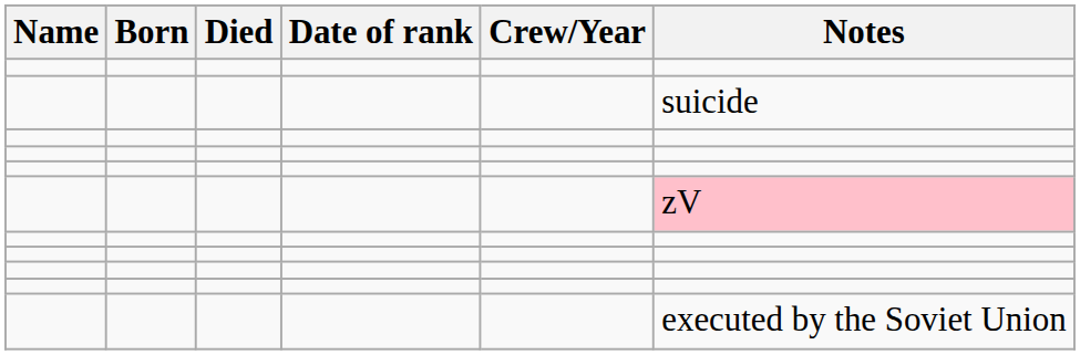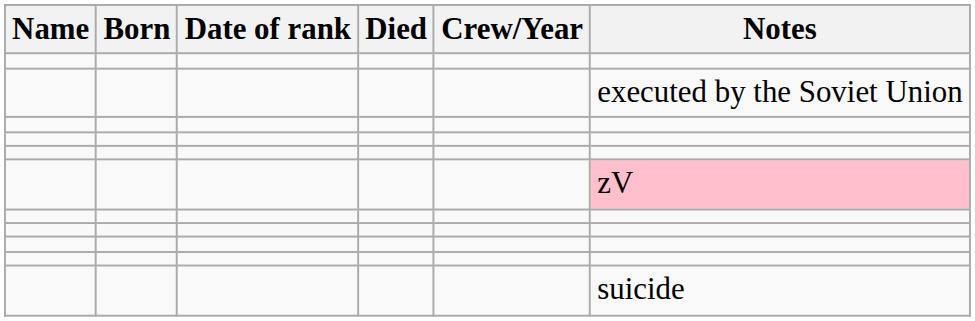 <table class="wikitable sortable">
 <tr>
 <th>Name</th>
 <th>Born</th>
+<th>Date of rank</th>
 <th>Died</th>
-<th>Date of rank</th>
 <th>Crew/Year</th>
 <th>Notes</th>
 </tr>
 <tr>
 <td></td>
 <td></td>
 <td></td>
 <td></td>
 <td></td>
 <td></td>
 </tr>
 <tr>
 <td></td>
 <td></td>
 <td></td>
 <td></td>
 <td></td>
-<td>suicide</td>
+<td>executed by the Soviet Union</td>
 </tr>
 <tr>
 <td></td>
 <td></td>
 <td></td>
 <td></td>
 <td></td>
 <td></td>
 </tr>
 <tr>
 <td></td>
 <td></td>
 <td></td>
 <td></td>
 <td></td>
 <td></td>
 </tr>
 <tr>
 <td></td>
 <td></td>
 <td></td>
 <td></td>
 <td></td>
 <td></td>
 </tr>
 <tr>
 <td></td>
 <td></td>
 <td></td>
 <td></td>
 <td></td>
 <td style="background: pink;">zV</td>
 </tr>
 <tr>
 <td></td>
 <td></td>
 <td></td>
 <td></td>
 <td></td>
 <td></td>
 </tr>
 <tr>
 <td></td>
 <td></td>
 <td></td>
 <td></td>
 <td></td>
 <td></td>
 </tr>
 <tr>
 <td></td>
 <td></td>
 <td></td>
 <td></td>
 <td></td>
 <td></td>
 </tr>
 <tr>
 <td></td>
 <td></td>
 <td></td>
 <td></td>
 <td></td>
 <td></td>
 </tr>
 <tr>
 <td></td>
 <td></td>
 <td></td>
 <td></td>
 <td></td>
-<td>executed by the Soviet Union</td>
+<td>suicide</td>
 </tr>
 </table>
